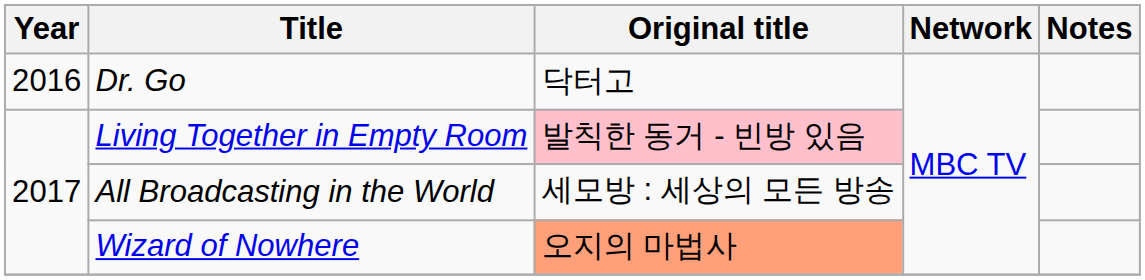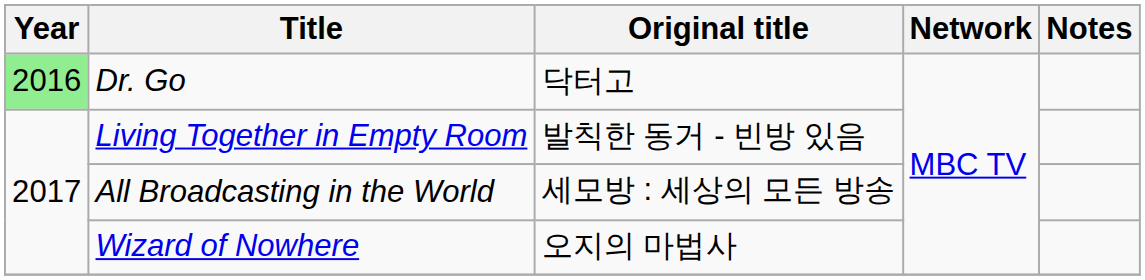 <table class="wikitable">
 <tr>
 <th>Year</th>
 <th>Title</th>
 <th>Original title</th>
 <th>Network</th>
 <th>Notes</th>
 </tr>
 <tr>
-<td>2016</td>
+<td style="background: lightgreen;">2016</td>
 <td><em>Dr. Go</em></td>
 <td>닥터고</td>
 <td rowspan="4"><a href='#'>MBC TV</a></td>
 <td></td>
 </tr>
 <tr>
 <td rowspan="3">2017</td>
 <td><em><a href='#'>Living Together in Empty Room</a></em></td>
-<td style="background: pink;">발칙한 동거 - 빈방 있음</td>
+<td>발칙한 동거 - 빈방 있음</td>
 <td></td>
 </tr>
 <tr>
 <td><em>All Broadcasting in the World</em></td>
 <td>세모방 : 세상의 모든 방송</td>
 <td></td>
 </tr>
 <tr>
 <td><em><a href='#'>Wizard of Nowhere</a></em></td>
-<td style="background: lightsalmon;">오지의 마법사</td>
+<td>오지의 마법사</td>
 <td></td>
 </tr>
 <tr>
 </tr>
 </table>
